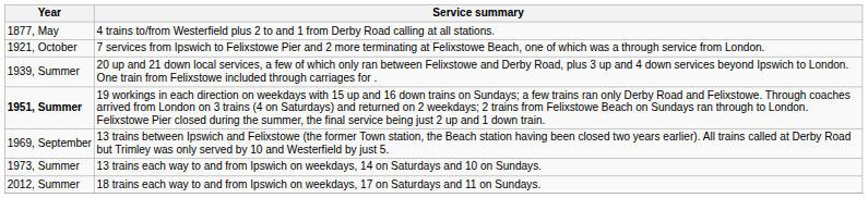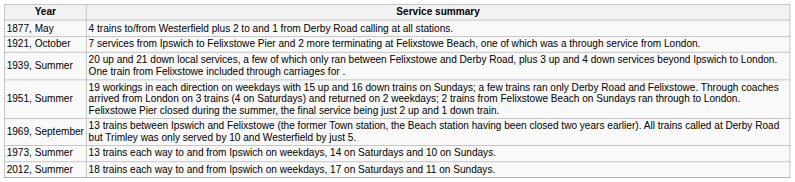 <table class="wikitable">
 <tr>
 <th>Year</th>
 <th>Service summary</th>
 </tr>
 <tr>
 <td>1877, May</td>
 <td>4 trains to/from Westerfield plus 2 to and 1 from Derby Road calling at all stations.</td>
 </tr>
 <tr>
 <td>1921, October</td>
 <td>7 services from Ipswich to Felixstowe Pier and 2 more terminating at Felixstowe Beach, one of which was a through service from London.</td>
 </tr>
 <tr>
 <td>1939, Summer</td>
 <td>20 up and 21 down local services, a few of which only ran between Felixstowe and Derby Road, plus 3 up and 4 down services beyond Ipswich to London. One train from Felixstowe included through carriages for .</td>
 </tr>
 <tr>
-<td><strong>1951, Summer</strong></td>
+<td>1951, Summer</td>
 <td>19 workings in each direction on weekdays with 15 up and 16 down trains on Sundays; a few trains ran only Derby Road and Felixstowe. Through coaches arrived from London on 3 trains (4 on Saturdays) and returned on 2 weekdays; 2 trains from Felixstowe Beach on Sundays ran through to London. Felixstowe Pier closed during the summer, the final service being just 2 up and 1 down train.</td>
 </tr>
 <tr>
 <td>1969, September</td>
 <td>13 trains between Ipswich and Felixstowe (the former Town station, the Beach station having been closed two years earlier). All trains called at Derby Road but Trimley was only served by 10 and Westerfield by just 5.</td>
 </tr>
 <tr>
 <td>1973, Summer</td>
 <td>13 trains each way to and from Ipswich on weekdays, 14 on Saturdays and 10 on Sundays.</td>
 </tr>
 <tr>
 <td>2012, Summer</td>
 <td>18 trains each way to and from Ipswich on weekdays, 17 on Saturdays and 11 on Sundays.</td>
 </tr>
 <tr>
 </tr>
 </table>
